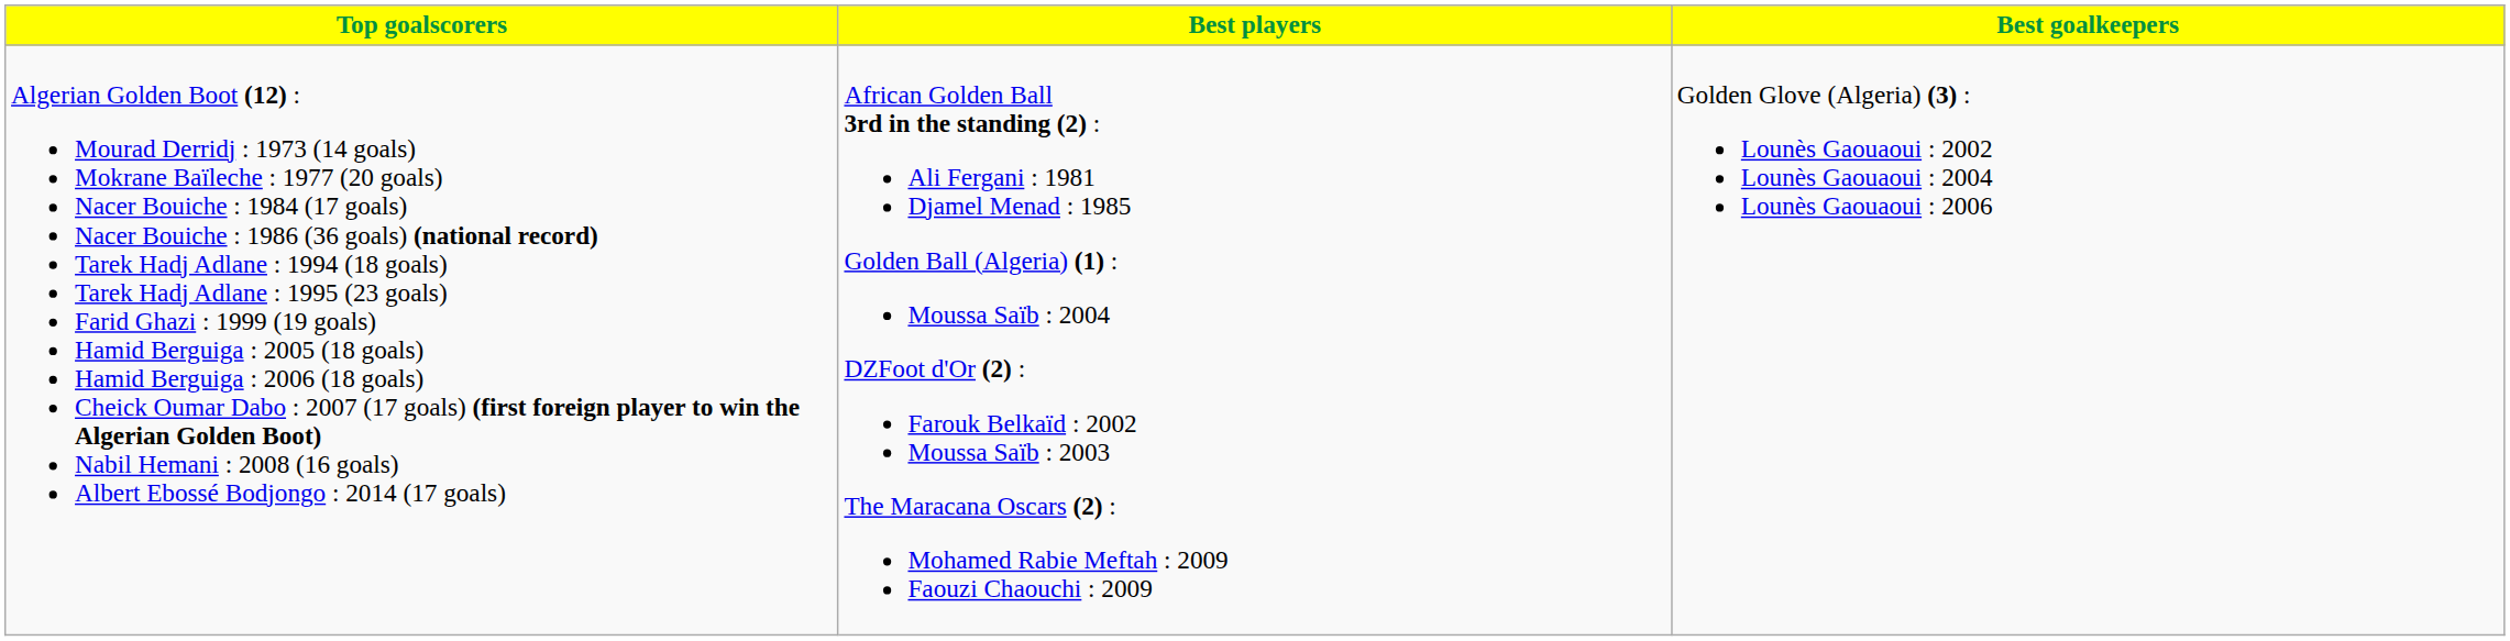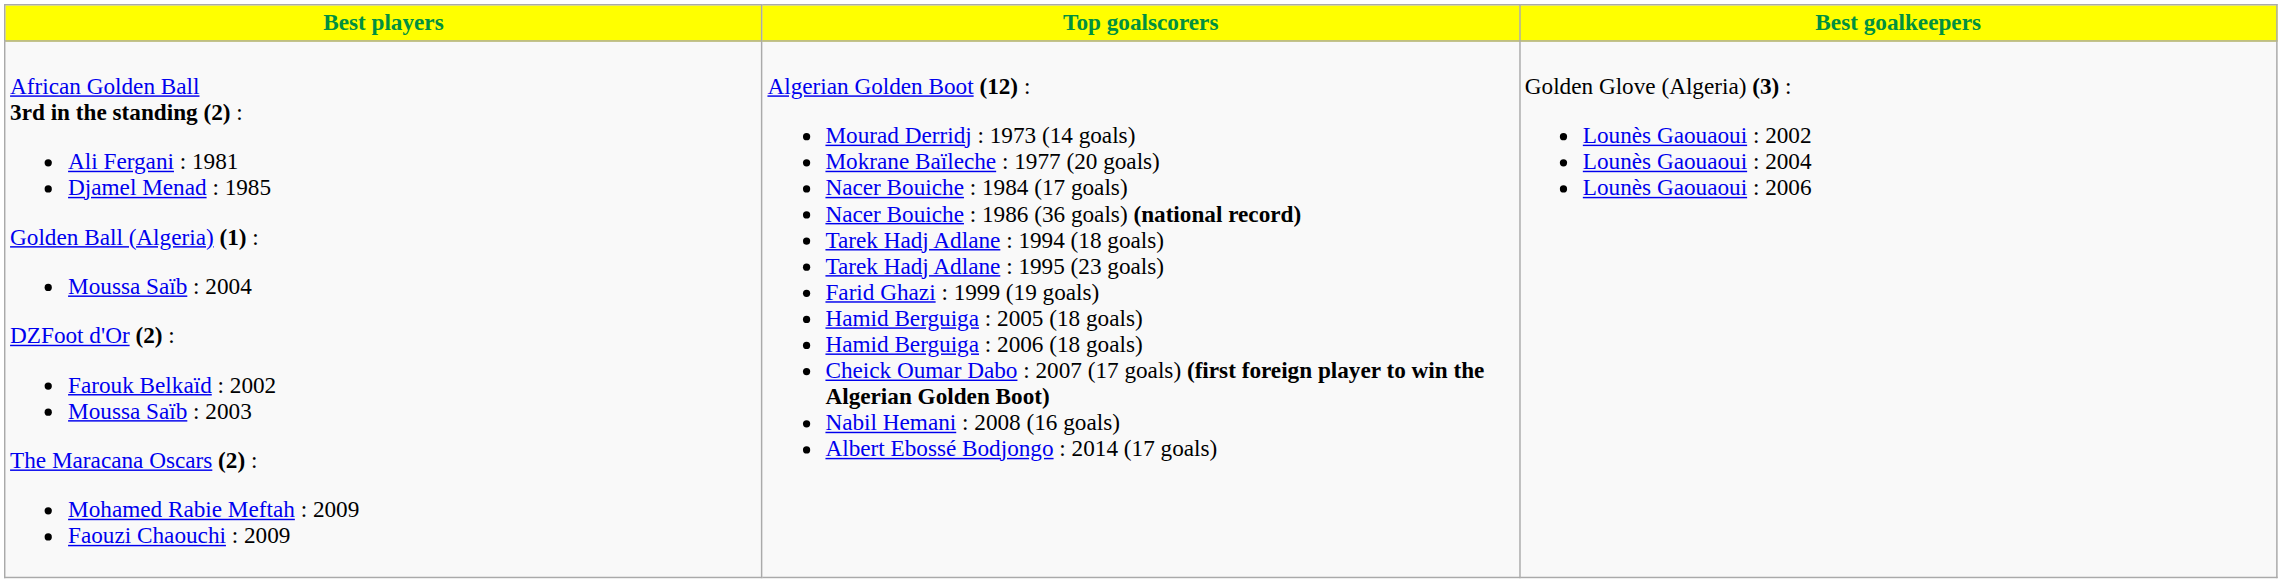 <table class="wikitable centre">
 <tr>
+<th scope="col" style="color:#009040; background:#FFFF00;" width="33%">Best players</th>
 <th scope="col" style="color:#009040; background:#FFFF00;" width="33%">Top goalscorers</th>
-<th scope="col" style="color:#009040; background:#FFFF00;" width="33%">Best players</th>
 <th scope="col" style="color:#009040; background:#FFFF00;" width="33%">Best goalkeepers</th>
 </tr>
 <tr style="vertical-align:top">
+<td><br><a href='#'>African Golden Ball</a><br><strong>3rd in the standing (2)</strong> :<ul><li> <a href='#'>Ali Fergani</a> : 1981</li><li> <a href='#'>Djamel Menad</a> : 1985</li></ul> <a href='#'>Golden Ball (Algeria)</a> <strong>(1)</strong> :<ul><li> <a href='#'>Moussa Saïb</a> : 2004</li></ul> <a href='#'>DZFoot d'Or</a> <strong>(2)</strong> :<ul><li> <a href='#'>Farouk Belkaïd</a> : 2002</li><li> <a href='#'>Moussa Saïb</a> : 2003</li></ul> <a href='#'>The Maracana Oscars</a> <strong>(2)</strong> :<ul><li> <a href='#'>Mohamed Rabie Meftah</a> : 2009</li><li> <a href='#'>Faouzi Chaouchi</a> : 2009</li></ul></td>
 <td><br> <a href='#'>Algerian Golden Boot</a> <strong>(12)</strong> :<ul><li> <a href='#'>Mourad Derridj</a> : 1973 (14 goals)</li><li> <a href='#'>Mokrane Baïleche</a> : 1977 (20 goals)</li><li> <a href='#'>Nacer Bouiche</a> : 1984 (17 goals)</li><li> <a href='#'>Nacer Bouiche</a> : 1986 (36 goals) <strong>(national record)</strong></li><li> <a href='#'>Tarek Hadj Adlane</a> : 1994 (18 goals)</li><li> <a href='#'>Tarek Hadj Adlane</a> : 1995 (23 goals)</li><li> <a href='#'>Farid Ghazi</a> : 1999 (19 goals)</li><li> <a href='#'>Hamid Berguiga</a> : 2005 (18 goals)</li><li> <a href='#'>Hamid Berguiga</a> : 2006 (18 goals)</li><li> <a href='#'>Cheick Oumar Dabo</a> : 2007 (17 goals)  <strong>(first foreign player to win the Algerian Golden Boot)</strong></li><li> <a href='#'>Nabil Hemani</a> : 2008 (16 goals)</li><li> <a href='#'>Albert Ebossé Bodjongo</a> : 2014 (17 goals)</li></ul></td>
-<td><br><a href='#'>African Golden Ball</a><br><strong>3rd in the standing (2)</strong> :<ul><li> <a href='#'>Ali Fergani</a> : 1981</li><li> <a href='#'>Djamel Menad</a> : 1985</li></ul> <a href='#'>Golden Ball (Algeria)</a> <strong>(1)</strong> :<ul><li> <a href='#'>Moussa Saïb</a> : 2004</li></ul> <a href='#'>DZFoot d'Or</a> <strong>(2)</strong> :<ul><li> <a href='#'>Farouk Belkaïd</a> : 2002</li><li> <a href='#'>Moussa Saïb</a> : 2003</li></ul> <a href='#'>The Maracana Oscars</a> <strong>(2)</strong> :<ul><li> <a href='#'>Mohamed Rabie Meftah</a> : 2009</li><li> <a href='#'>Faouzi Chaouchi</a> : 2009</li></ul></td>
 <td><br> Golden Glove (Algeria) <strong>(3)</strong> :<ul><li> <a href='#'>Lounès Gaouaoui</a> : 2002</li><li> <a href='#'>Lounès Gaouaoui</a> : 2004</li><li> <a href='#'>Lounès Gaouaoui</a> : 2006</li></ul></td>
 </tr>
 </table>
